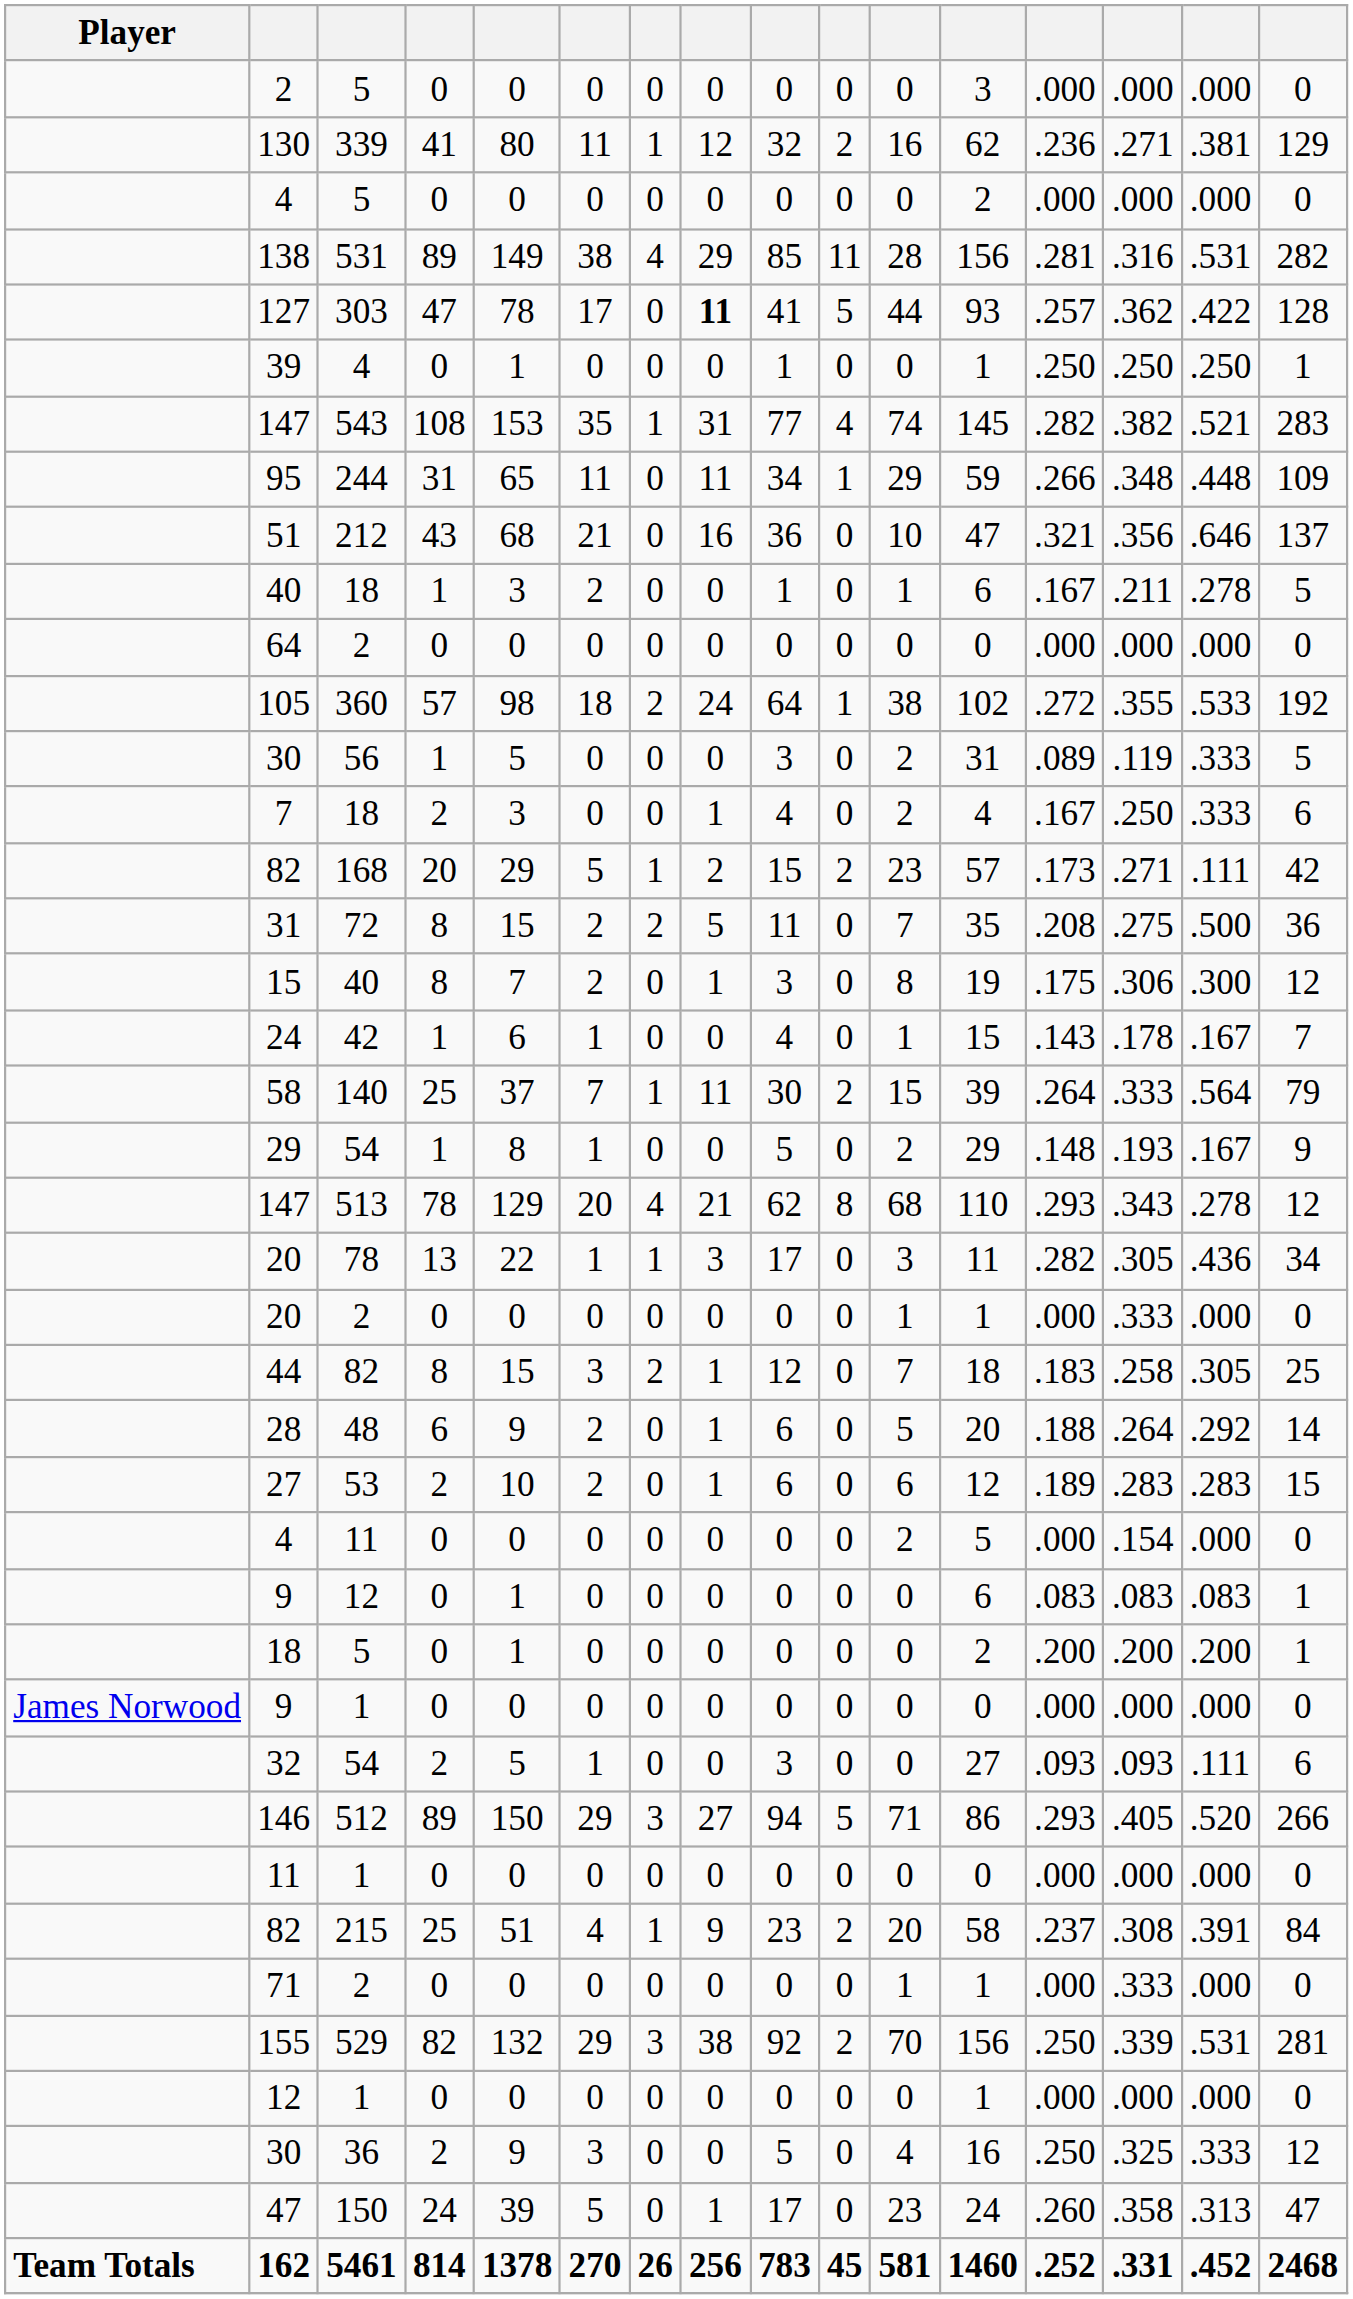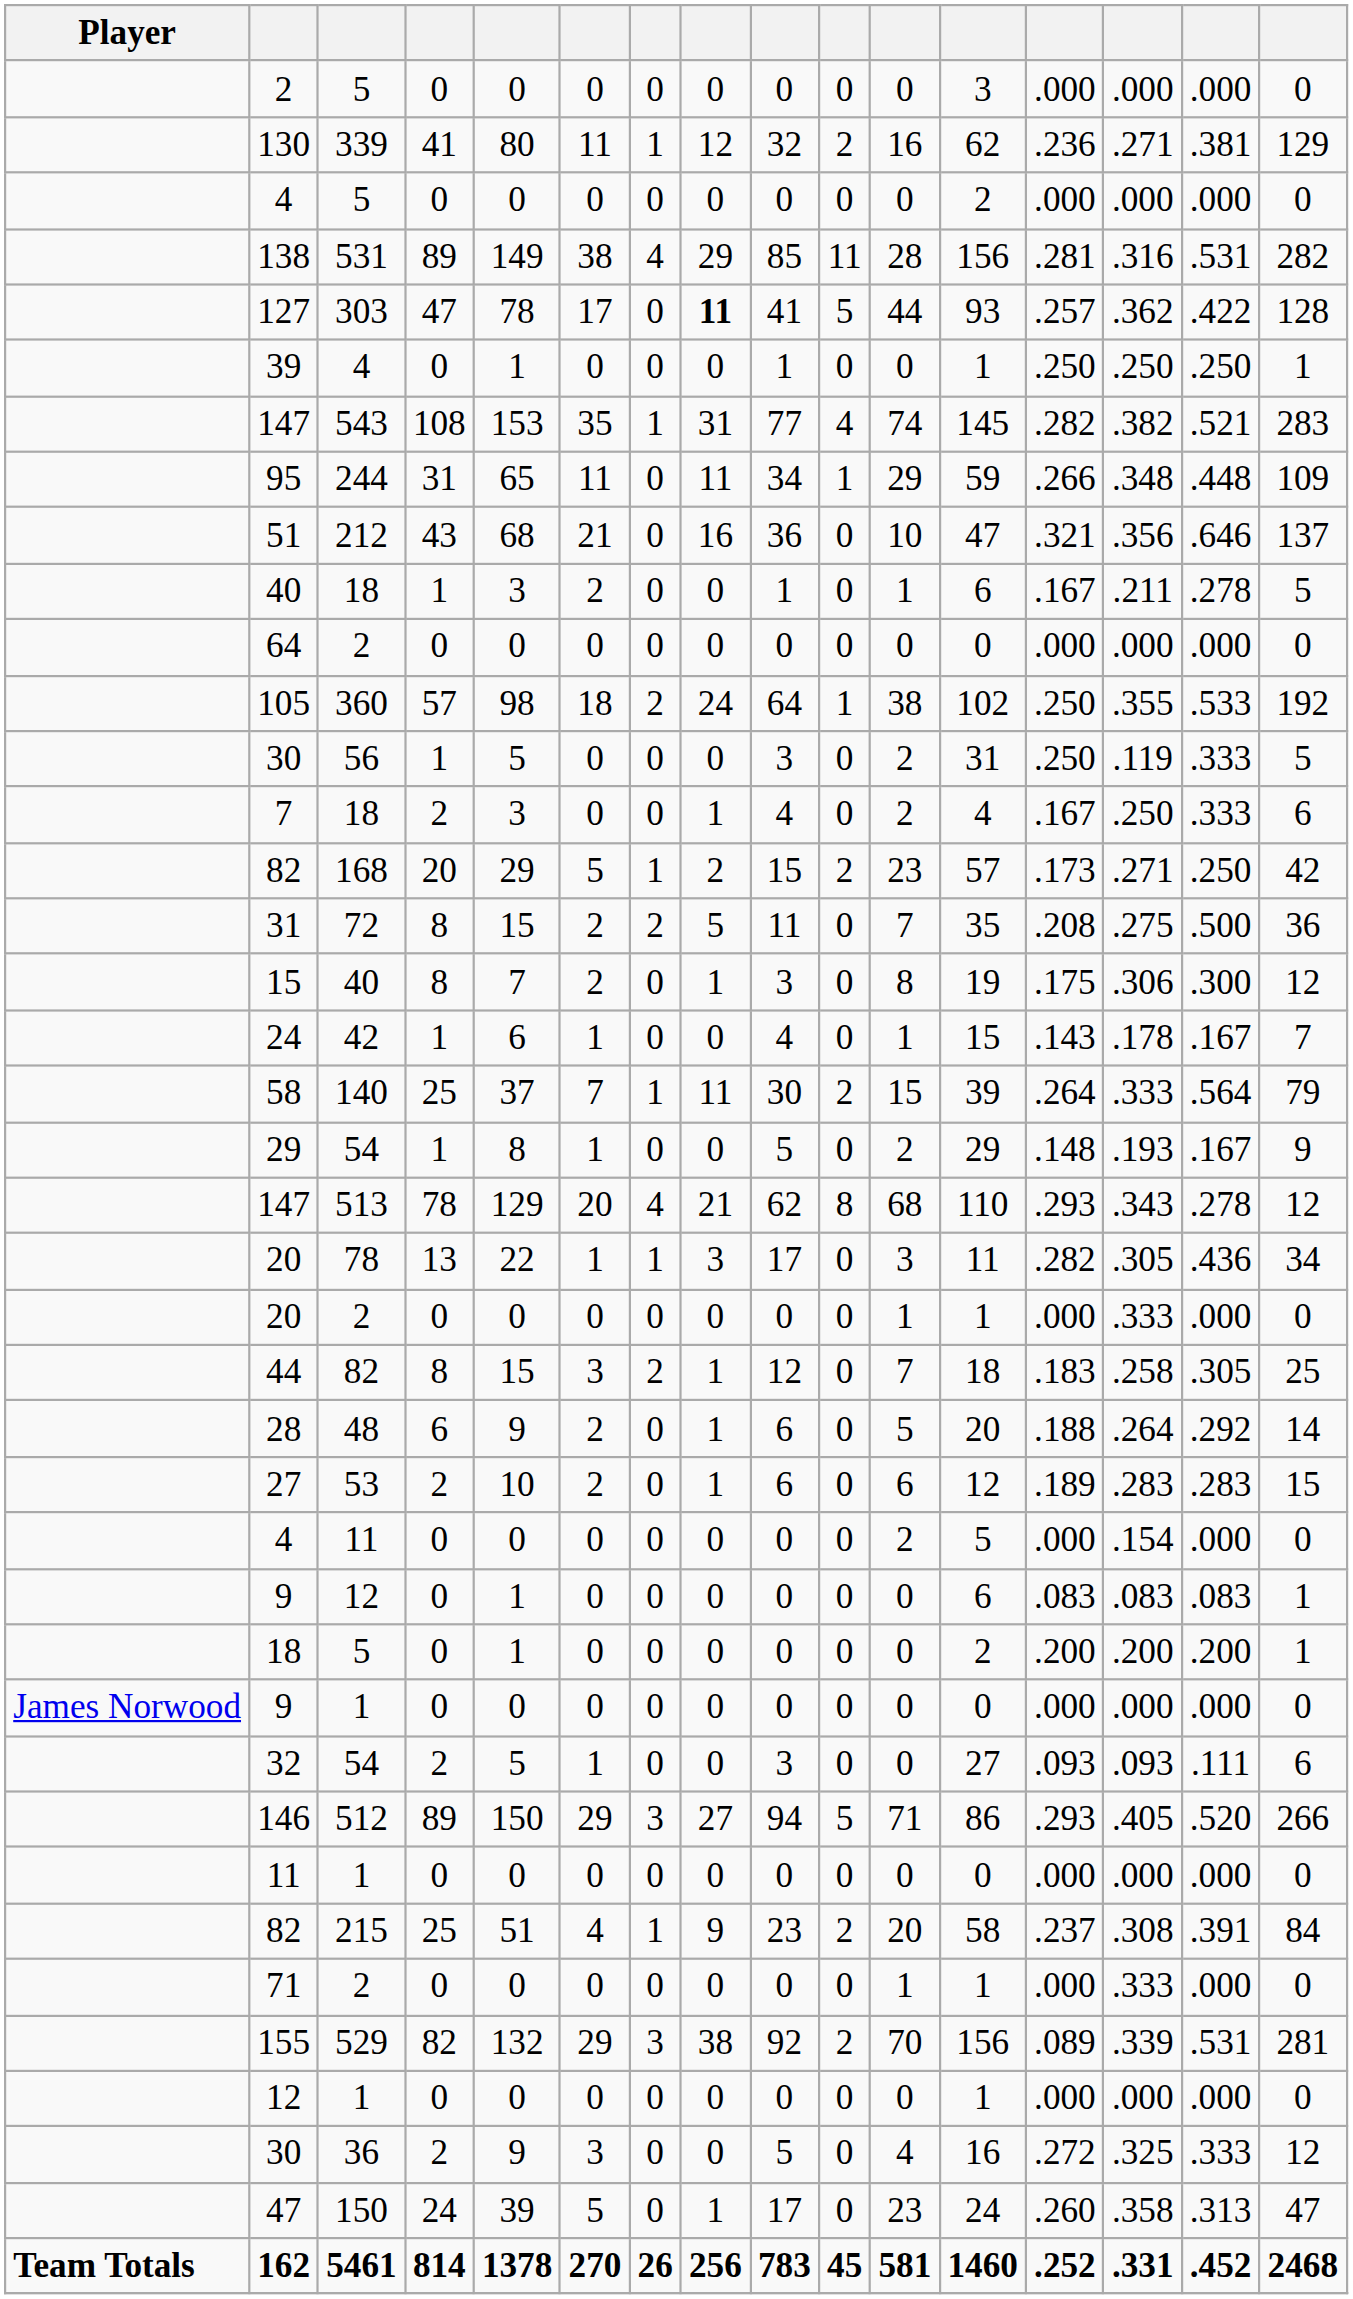 <table class="wikitable sortable" style="text-align:center;">
 <tr>
 <th>Player</th>
 <th></th>
 <th></th>
 <th></th>
 <th></th>
 <th></th>
 <th></th>
 <th></th>
 <th></th>
 <th></th>
 <th></th>
 <th></th>
 <th></th>
 <th></th>
 <th></th>
 <th></th>
 </tr>
 <tr>
 <td align=left></td>
 <td>2</td>
 <td>5</td>
 <td>0</td>
 <td>0</td>
 <td>0</td>
 <td>0</td>
 <td>0</td>
 <td>0</td>
 <td>0</td>
 <td>0</td>
 <td>3</td>
 <td>.000</td>
 <td>.000</td>
 <td>.000</td>
 <td>0</td>
 </tr>
 <tr>
 <td align=left></td>
 <td>130</td>
 <td>339</td>
 <td>41</td>
 <td>80</td>
 <td>11</td>
 <td>1</td>
 <td>12</td>
 <td>32</td>
 <td>2</td>
 <td>16</td>
 <td>62</td>
 <td>.236</td>
 <td>.271</td>
 <td>.381</td>
 <td>129</td>
 </tr>
 <tr>
 <td align=left></td>
 <td>4</td>
 <td>5</td>
 <td>0</td>
 <td>0</td>
 <td>0</td>
 <td>0</td>
 <td>0</td>
 <td>0</td>
 <td>0</td>
 <td>0</td>
 <td>2</td>
 <td>.000</td>
 <td>.000</td>
 <td>.000</td>
 <td>0</td>
 </tr>
 <tr>
 <td align=left></td>
 <td>138</td>
 <td>531</td>
 <td>89</td>
 <td>149</td>
 <td>38</td>
 <td>4</td>
 <td>29</td>
 <td>85</td>
 <td>11</td>
 <td>28</td>
 <td>156</td>
 <td>.281</td>
 <td>.316</td>
 <td>.531</td>
 <td>282</td>
 </tr>
 <tr>
 <td align=left></td>
 <td>127</td>
 <td>303</td>
 <td>47</td>
 <td>78</td>
 <td>17</td>
 <td>0</td>
 <td><strong>11</strong></td>
 <td>41</td>
 <td>5</td>
 <td>44</td>
 <td>93</td>
 <td>.257</td>
 <td>.362</td>
 <td>.422</td>
 <td>128</td>
 </tr>
 <tr>
 <td align=left></td>
 <td>39</td>
 <td>4</td>
 <td>0</td>
 <td>1</td>
 <td>0</td>
 <td>0</td>
 <td>0</td>
 <td>1</td>
 <td>0</td>
 <td>0</td>
 <td>1</td>
 <td>.250</td>
 <td>.250</td>
 <td>.250</td>
 <td>1</td>
 </tr>
 <tr>
 <td align=left></td>
 <td>147</td>
 <td>543</td>
 <td>108</td>
 <td>153</td>
 <td>35</td>
 <td>1</td>
 <td>31</td>
 <td>77</td>
 <td>4</td>
 <td>74</td>
 <td>145</td>
 <td>.282</td>
 <td>.382</td>
 <td>.521</td>
 <td>283</td>
 </tr>
 <tr>
 <td align=left></td>
 <td>95</td>
 <td>244</td>
 <td>31</td>
 <td>65</td>
 <td>11</td>
 <td>0</td>
 <td>11</td>
 <td>34</td>
 <td>1</td>
 <td>29</td>
 <td>59</td>
 <td>.266</td>
 <td>.348</td>
 <td>.448</td>
 <td>109</td>
 </tr>
 <tr>
 <td align=left></td>
 <td>51</td>
 <td>212</td>
 <td>43</td>
 <td>68</td>
 <td>21</td>
 <td>0</td>
 <td>16</td>
 <td>36</td>
 <td>0</td>
 <td>10</td>
 <td>47</td>
 <td>.321</td>
 <td>.356</td>
 <td>.646</td>
 <td>137</td>
 </tr>
 <tr>
 <td align=left></td>
 <td>40</td>
 <td>18</td>
 <td>1</td>
 <td>3</td>
 <td>2</td>
 <td>0</td>
 <td>0</td>
 <td>1</td>
 <td>0</td>
 <td>1</td>
 <td>6</td>
 <td>.167</td>
 <td>.211</td>
 <td>.278</td>
 <td>5</td>
 </tr>
 <tr>
 <td align=left></td>
 <td>64</td>
 <td>2</td>
 <td>0</td>
 <td>0</td>
 <td>0</td>
 <td>0</td>
 <td>0</td>
 <td>0</td>
 <td>0</td>
 <td>0</td>
 <td>0</td>
 <td>.000</td>
 <td>.000</td>
 <td>.000</td>
 <td>0</td>
 </tr>
 <tr>
 <td align=left></td>
 <td>105</td>
 <td>360</td>
 <td>57</td>
 <td>98</td>
 <td>18</td>
 <td>2</td>
 <td>24</td>
 <td>64</td>
 <td>1</td>
 <td>38</td>
 <td>102</td>
-<td>.272</td>
+<td>.250</td>
 <td>.355</td>
 <td>.533</td>
 <td>192</td>
 </tr>
 <tr>
 <td align=left></td>
 <td>30</td>
 <td>56</td>
 <td>1</td>
 <td>5</td>
 <td>0</td>
 <td>0</td>
 <td>0</td>
 <td>3</td>
 <td>0</td>
 <td>2</td>
 <td>31</td>
-<td>.089</td>
+<td>.250</td>
 <td>.119</td>
 <td>.333</td>
 <td>5</td>
 </tr>
 <tr>
 <td align=left></td>
 <td>7</td>
 <td>18</td>
 <td>2</td>
 <td>3</td>
 <td>0</td>
 <td>0</td>
 <td>1</td>
 <td>4</td>
 <td>0</td>
 <td>2</td>
 <td>4</td>
 <td>.167</td>
 <td>.250</td>
 <td>.333</td>
 <td>6</td>
 </tr>
 <tr>
 <td align=left></td>
 <td>82</td>
 <td>168</td>
 <td>20</td>
 <td>29</td>
 <td>5</td>
 <td>1</td>
 <td>2</td>
 <td>15</td>
 <td>2</td>
 <td>23</td>
 <td>57</td>
 <td>.173</td>
 <td>.271</td>
-<td>.111</td>
+<td>.250</td>
 <td>42</td>
 </tr>
 <tr>
 <td align=left></td>
 <td>31</td>
 <td>72</td>
 <td>8</td>
 <td>15</td>
 <td>2</td>
 <td>2</td>
 <td>5</td>
 <td>11</td>
 <td>0</td>
 <td>7</td>
 <td>35</td>
 <td>.208</td>
 <td>.275</td>
 <td>.500</td>
 <td>36</td>
 </tr>
 <tr>
 <td align=left></td>
 <td>15</td>
 <td>40</td>
 <td>8</td>
 <td>7</td>
 <td>2</td>
 <td>0</td>
 <td>1</td>
 <td>3</td>
 <td>0</td>
 <td>8</td>
 <td>19</td>
 <td>.175</td>
 <td>.306</td>
 <td>.300</td>
 <td>12</td>
 </tr>
 <tr>
 <td align=left></td>
 <td>24</td>
 <td>42</td>
 <td>1</td>
 <td>6</td>
 <td>1</td>
 <td>0</td>
 <td>0</td>
 <td>4</td>
 <td>0</td>
 <td>1</td>
 <td>15</td>
 <td>.143</td>
 <td>.178</td>
 <td>.167</td>
 <td>7</td>
 </tr>
 <tr>
 <td align=left></td>
 <td>58</td>
 <td>140</td>
 <td>25</td>
 <td>37</td>
 <td>7</td>
 <td>1</td>
 <td>11</td>
 <td>30</td>
 <td>2</td>
 <td>15</td>
 <td>39</td>
 <td>.264</td>
 <td>.333</td>
 <td>.564</td>
 <td>79</td>
 </tr>
 <tr>
 <td align=left></td>
 <td>29</td>
 <td>54</td>
 <td>1</td>
 <td>8</td>
 <td>1</td>
 <td>0</td>
 <td>0</td>
 <td>5</td>
 <td>0</td>
 <td>2</td>
 <td>29</td>
 <td>.148</td>
 <td>.193</td>
 <td>.167</td>
 <td>9</td>
 </tr>
 <tr>
 <td align=left></td>
 <td>147</td>
 <td>513</td>
 <td>78</td>
 <td>129</td>
 <td>20</td>
 <td>4</td>
 <td>21</td>
 <td>62</td>
 <td>8</td>
 <td>68</td>
 <td>110</td>
 <td>.293</td>
 <td>.343</td>
 <td>.278</td>
 <td>12</td>
 </tr>
 <tr>
 <td align=left></td>
 <td>20</td>
 <td>78</td>
 <td>13</td>
 <td>22</td>
 <td>1</td>
 <td>1</td>
 <td>3</td>
 <td>17</td>
 <td>0</td>
 <td>3</td>
 <td>11</td>
 <td>.282</td>
 <td>.305</td>
 <td>.436</td>
 <td>34</td>
 </tr>
 <tr>
 <td align=left></td>
 <td>20</td>
 <td>2</td>
 <td>0</td>
 <td>0</td>
 <td>0</td>
 <td>0</td>
 <td>0</td>
 <td>0</td>
 <td>0</td>
 <td>1</td>
 <td>1</td>
 <td>.000</td>
 <td>.333</td>
 <td>.000</td>
 <td>0</td>
 </tr>
 <tr>
 <td align=left></td>
 <td>44</td>
 <td>82</td>
 <td>8</td>
 <td>15</td>
 <td>3</td>
 <td>2</td>
 <td>1</td>
 <td>12</td>
 <td>0</td>
 <td>7</td>
 <td>18</td>
 <td>.183</td>
 <td>.258</td>
 <td>.305</td>
 <td>25</td>
 </tr>
 <tr>
 <td align=left></td>
 <td>28</td>
 <td>48</td>
 <td>6</td>
 <td>9</td>
 <td>2</td>
 <td>0</td>
 <td>1</td>
 <td>6</td>
 <td>0</td>
 <td>5</td>
 <td>20</td>
 <td>.188</td>
 <td>.264</td>
 <td>.292</td>
 <td>14</td>
 </tr>
 <tr>
 <td align=left></td>
 <td>27</td>
 <td>53</td>
 <td>2</td>
 <td>10</td>
 <td>2</td>
 <td>0</td>
 <td>1</td>
 <td>6</td>
 <td>0</td>
 <td>6</td>
 <td>12</td>
 <td>.189</td>
 <td>.283</td>
 <td>.283</td>
 <td>15</td>
 </tr>
 <tr>
 <td align=left></td>
 <td>4</td>
 <td>11</td>
 <td>0</td>
 <td>0</td>
 <td>0</td>
 <td>0</td>
 <td>0</td>
 <td>0</td>
 <td>0</td>
 <td>2</td>
 <td>5</td>
 <td>.000</td>
 <td>.154</td>
 <td>.000</td>
 <td>0</td>
 </tr>
 <tr>
 <td align=left></td>
 <td>9</td>
 <td>12</td>
 <td>0</td>
 <td>1</td>
 <td>0</td>
 <td>0</td>
 <td>0</td>
 <td>0</td>
 <td>0</td>
 <td>0</td>
 <td>6</td>
 <td>.083</td>
 <td>.083</td>
 <td>.083</td>
 <td>1</td>
 </tr>
 <tr>
 <td align=left></td>
 <td>18</td>
 <td>5</td>
 <td>0</td>
 <td>1</td>
 <td>0</td>
 <td>0</td>
 <td>0</td>
 <td>0</td>
 <td>0</td>
 <td>0</td>
 <td>2</td>
 <td>.200</td>
 <td>.200</td>
 <td>.200</td>
 <td>1</td>
 </tr>
 <tr>
 <td align=left><a href='#'>James Norwood</a></td>
 <td>9</td>
 <td>1</td>
 <td>0</td>
 <td>0</td>
 <td>0</td>
 <td>0</td>
 <td>0</td>
 <td>0</td>
 <td>0</td>
 <td>0</td>
 <td>0</td>
 <td>.000</td>
 <td>.000</td>
 <td>.000</td>
 <td>0</td>
 </tr>
 <tr>
 <td align=left></td>
 <td>32</td>
 <td>54</td>
 <td>2</td>
 <td>5</td>
 <td>1</td>
 <td>0</td>
 <td>0</td>
 <td>3</td>
 <td>0</td>
 <td>0</td>
 <td>27</td>
 <td>.093</td>
 <td>.093</td>
 <td>.111</td>
 <td>6</td>
 </tr>
 <tr>
 <td align=left></td>
 <td>146</td>
 <td>512</td>
 <td>89</td>
 <td>150</td>
 <td>29</td>
 <td>3</td>
 <td>27</td>
 <td>94</td>
 <td>5</td>
 <td>71</td>
 <td>86</td>
 <td>.293</td>
 <td>.405</td>
 <td>.520</td>
 <td>266</td>
 </tr>
 <tr>
 <td align=left></td>
 <td>11</td>
 <td>1</td>
 <td>0</td>
 <td>0</td>
 <td>0</td>
 <td>0</td>
 <td>0</td>
 <td>0</td>
 <td>0</td>
 <td>0</td>
 <td>0</td>
 <td>.000</td>
 <td>.000</td>
 <td>.000</td>
 <td>0</td>
 </tr>
 <tr>
 <td align=left></td>
 <td>82</td>
 <td>215</td>
 <td>25</td>
 <td>51</td>
 <td>4</td>
 <td>1</td>
 <td>9</td>
 <td>23</td>
 <td>2</td>
 <td>20</td>
 <td>58</td>
 <td>.237</td>
 <td>.308</td>
 <td>.391</td>
 <td>84</td>
 </tr>
 <tr>
 <td align=left></td>
 <td>71</td>
 <td>2</td>
 <td>0</td>
 <td>0</td>
 <td>0</td>
 <td>0</td>
 <td>0</td>
 <td>0</td>
 <td>0</td>
 <td>1</td>
 <td>1</td>
 <td>.000</td>
 <td>.333</td>
 <td>.000</td>
 <td>0</td>
 </tr>
 <tr>
 <td align=left></td>
 <td>155</td>
 <td>529</td>
 <td>82</td>
 <td>132</td>
 <td>29</td>
 <td>3</td>
 <td>38</td>
 <td>92</td>
 <td>2</td>
 <td>70</td>
 <td>156</td>
-<td>.250</td>
+<td>.089</td>
 <td>.339</td>
 <td>.531</td>
 <td>281</td>
 </tr>
 <tr>
 <td align=left></td>
 <td>12</td>
 <td>1</td>
 <td>0</td>
 <td>0</td>
 <td>0</td>
 <td>0</td>
 <td>0</td>
 <td>0</td>
 <td>0</td>
 <td>0</td>
 <td>1</td>
 <td>.000</td>
 <td>.000</td>
 <td>.000</td>
 <td>0</td>
 </tr>
 <tr>
 <td align=left></td>
 <td>30</td>
 <td>36</td>
 <td>2</td>
 <td>9</td>
 <td>3</td>
 <td>0</td>
 <td>0</td>
 <td>5</td>
 <td>0</td>
 <td>4</td>
 <td>16</td>
-<td>.250</td>
+<td>.272</td>
 <td>.325</td>
 <td>.333</td>
 <td>12</td>
 </tr>
 <tr>
 <td align=left></td>
 <td>47</td>
 <td>150</td>
 <td>24</td>
 <td>39</td>
 <td>5</td>
 <td>0</td>
 <td>1</td>
 <td>17</td>
 <td>0</td>
 <td>23</td>
 <td>24</td>
 <td>.260</td>
 <td>.358</td>
 <td>.313</td>
 <td>47</td>
 </tr>
 <tr>
 <td align=left><strong>Team Totals</strong></td>
 <td><strong>162</strong></td>
 <td><strong>5461</strong></td>
 <td><strong>814</strong></td>
 <td><strong>1378</strong></td>
 <td><strong>270</strong></td>
 <td><strong>26</strong></td>
 <td><strong>256</strong></td>
 <td><strong>783</strong></td>
 <td><strong>45</strong></td>
 <td><strong>581</strong></td>
 <td><strong>1460</strong></td>
 <td><strong>.252</strong></td>
 <td><strong>.331</strong></td>
 <td><strong>.452</strong></td>
 <td><strong>2468</strong></td>
 </tr>
 <tr class="sortbottom|}">
 </tr>
 </table>
